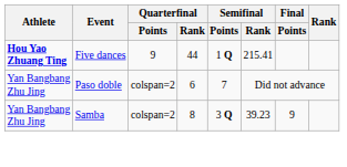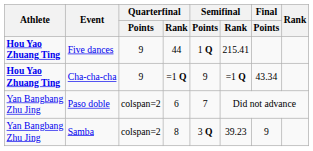 <table class=wikitable style=font-size:90%;text-align:center>
 <tr>
 <th rowspan=2>Athlete</th>
 <th rowspan=2>Event</th>
 <th colspan=2>Quarterfinal</th>
 <th colspan=2>Semifinal</th>
 <th>Final</th>
 <th rowspan=2>Rank</th>
 </tr>
 <tr>
 <th>Points</th>
 <th>Rank</th>
 <th>Points</th>
 <th>Rank</th>
 <th>Points</th>
 </tr>
 <tr>
 <td align=left><strong><a href='#'>Hou Yao</a><br><a href='#'>Zhuang Ting</a></strong></td>
 <td align=left><a href='#'>Five dances</a></td>
 <td>9</td>
 <td>44</td>
 <td>1 <strong>Q</strong></td>
 <td>215.41</td>
 <td></td>
 </tr>
 <tr>
+<td align=left><strong><a href='#'>Hou Yao</a><br><a href='#'>Zhuang Ting</a></strong></td>
+<td align=left><a href='#'>Cha-cha-cha</a></td>
+<td>9</td>
+<td>=1 <strong>Q</strong></td>
+<td>9</td>
+<td>=1 <strong>Q</strong></td>
+<td>43.34</td>
+<td></td>
+</tr>
+<tr>
 <td align=left><a href='#'>Yan Bangbang</a><br><a href='#'>Zhu Jing</a></td>
 <td align=left><a href='#'>Paso doble</a></td>
 <td>colspan=2 </td>
 <td>6</td>
 <td>7</td>
 <td colspan=3>Did not advance</td>
 </tr>
 <tr>
 <td align=left><a href='#'>Yan Bangbang</a><br><a href='#'>Zhu Jing</a></td>
 <td align=left><a href='#'>Samba</a></td>
 <td>colspan=2 </td>
 <td>8</td>
 <td>3 <strong>Q</strong></td>
 <td>39.23</td>
 <td>9</td>
 </tr>
 </table>
